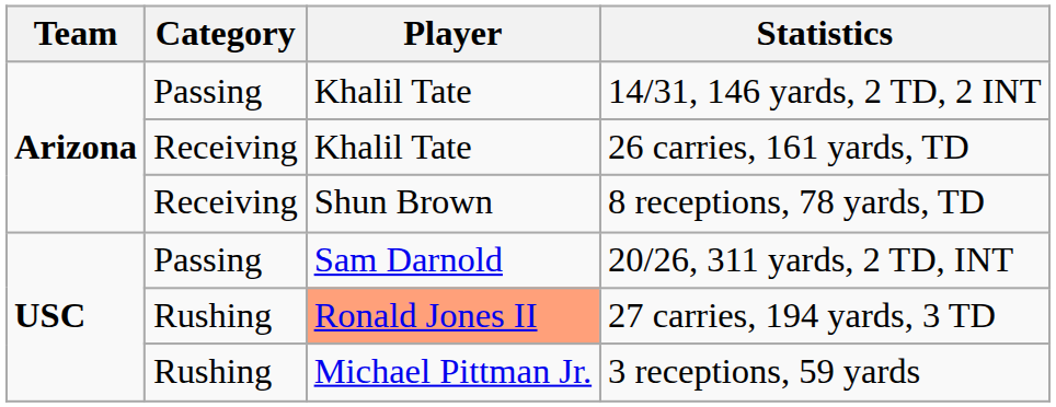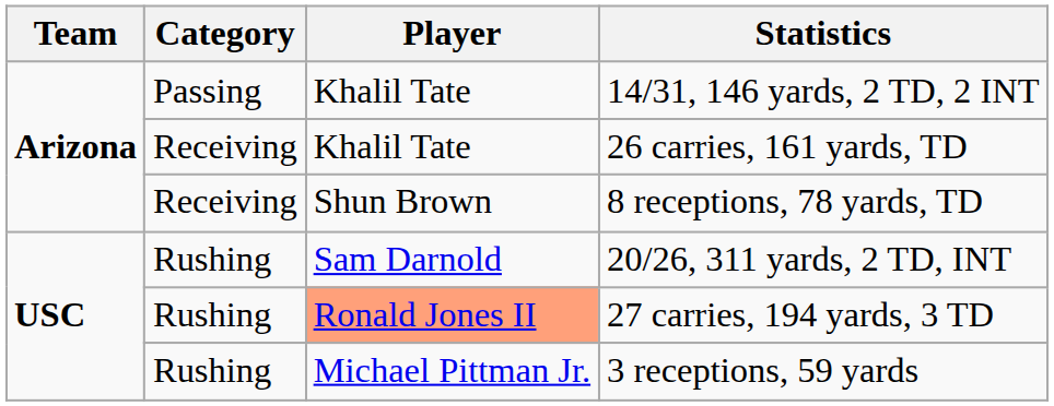 <table class="wikitable" style="float: right;">
 <tr>
 <th>Team</th>
 <th>Category</th>
 <th>Player</th>
 <th>Statistics</th>
 </tr>
 <tr>
 <td rowspan=3><strong>Arizona</strong></td>
 <td>Passing</td>
 <td>Khalil Tate</td>
 <td>14/31, 146 yards, 2 TD, 2 INT</td>
 </tr>
 <tr>
 <td>Receiving</td>
 <td>Khalil Tate</td>
 <td>26 carries, 161 yards, TD</td>
 </tr>
 <tr>
 <td>Receiving</td>
 <td>Shun Brown</td>
 <td>8 receptions, 78 yards, TD</td>
 </tr>
 <tr>
 <td rowspan=3><strong>USC</strong></td>
-<td>Passing</td>
+<td>Rushing</td>
 <td><a href='#'>Sam Darnold</a></td>
 <td>20/26, 311 yards, 2 TD, INT</td>
 </tr>
 <tr>
 <td>Rushing</td>
 <td style="background: lightsalmon;"><a href='#'>Ronald Jones II</a></td>
 <td>27 carries, 194 yards, 3 TD</td>
 </tr>
 <tr>
 <td>Rushing</td>
 <td><a href='#'>Michael Pittman Jr.</a></td>
 <td>3 receptions, 59 yards</td>
 </tr>
 </table>
